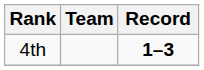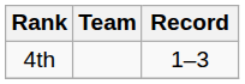 <table class="wikitable" style="text-align: center;">
 <tr>
 <th width=40>Rank</th>
 <th width=fit>Team</th>
 <th width=60>Record</th>
 </tr>
 <tr align=center>
 <td>4th</td>
 <td align=left></td>
-<td><strong>1–3</strong></td>
+<td>1–3</td>
 </tr>
 <tr align=center>
 </tr>
 </table>
